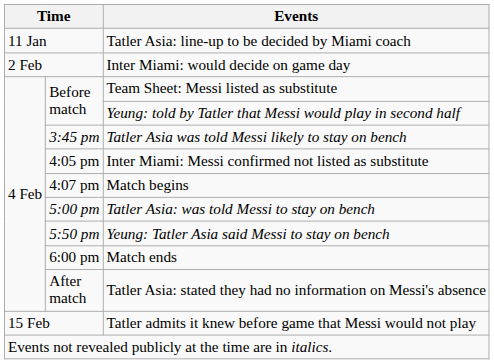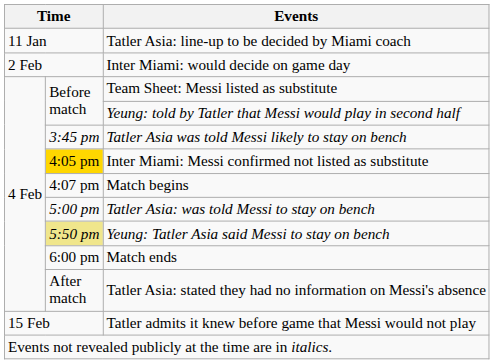 <table class="wikitable floatright">
 <tr>
 <th colspan="2">Time</th>
 <th>Events</th>
 </tr>
 <tr>
 <td colspan="2">11 Jan</td>
 <td>Tatler Asia: line-up to be decided by Miami coach</td>
 </tr>
 <tr>
 <td colspan="2">2 Feb</td>
 <td>Inter Miami: would decide on game day</td>
 </tr>
 <tr>
 <td rowspan="9">4 Feb</td>
 <td rowspan="2">Before<br>match</td>
 <td>Team Sheet: Messi listed as substitute</td>
 </tr>
 <tr>
 <td><em>Yeung: told by Tatler that Messi would play in second half</em></td>
 </tr>
 <tr>
 <td><em>3:45 pm</em></td>
 <td><em>Tatler Asia was told Messi likely to stay on bench</em></td>
 </tr>
 <tr>
-<td>4:05 pm</td>
+<td style="background: gold;">4:05 pm</td>
 <td>Inter Miami: Messi confirmed not listed as substitute</td>
 </tr>
 <tr>
 <td>4:07 pm</td>
 <td>Match begins</td>
 </tr>
 <tr>
 <td><em>5:00 pm</em></td>
 <td><em>Tatler Asia: was told Messi to stay on bench</em></td>
 </tr>
 <tr>
-<td><em>5:50 pm</em></td>
+<td style="background: khaki;"><em>5:50 pm</em></td>
 <td><em>Yeung: Tatler Asia said Messi to stay on bench</em></td>
 </tr>
 <tr>
 <td>6:00 pm</td>
 <td>Match ends</td>
 </tr>
 <tr>
 <td>After<br>match</td>
 <td>Tatler Asia: stated they had no information on Messi's absence</td>
 </tr>
 <tr>
 <td colspan="2">15 Feb</td>
 <td>Tatler admits it knew before game that Messi would not play</td>
 </tr>
 <tr>
 <td colspan="3">Events not revealed publicly at the time are in <em>italics</em>.</td>
 </tr>
 </table>
